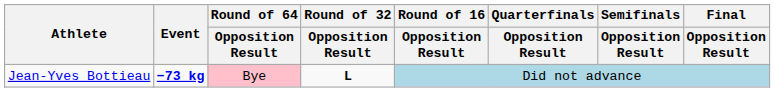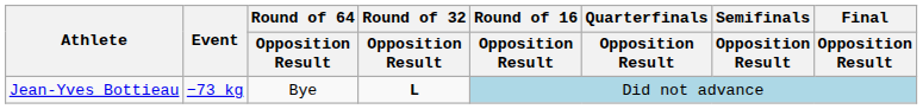 <table class="wikitable" style="font-size:90%">
 <tr>
 <th rowspan=2>Athlete</th>
 <th rowspan=2>Event</th>
 <th>Round of 64</th>
 <th>Round of 32</th>
 <th>Round of 16</th>
 <th>Quarterfinals</th>
 <th>Semifinals</th>
 <th>Final</th>
 </tr>
 <tr>
 <th>Opposition<br>Result</th>
 <th>Opposition<br>Result</th>
 <th>Opposition<br>Result</th>
 <th>Opposition<br>Result</th>
 <th>Opposition<br>Result</th>
 <th>Opposition<br>Result</th>
 </tr>
 <tr>
 <td><a href='#'>Jean-Yves Bottieau</a></td>
-<td><strong><a href='#'>−73 kg</a></strong></td>
-<td align=center style="background: pink;">Bye</td>
+<td><a href='#'>−73 kg</a></td>
+<td align=center>Bye</td>
 <td align=center><strong>L</strong> </td>
 <td colspan=4 bgcolor=lightblue align=center>Did not advance</td>
 </tr>
 </table>
